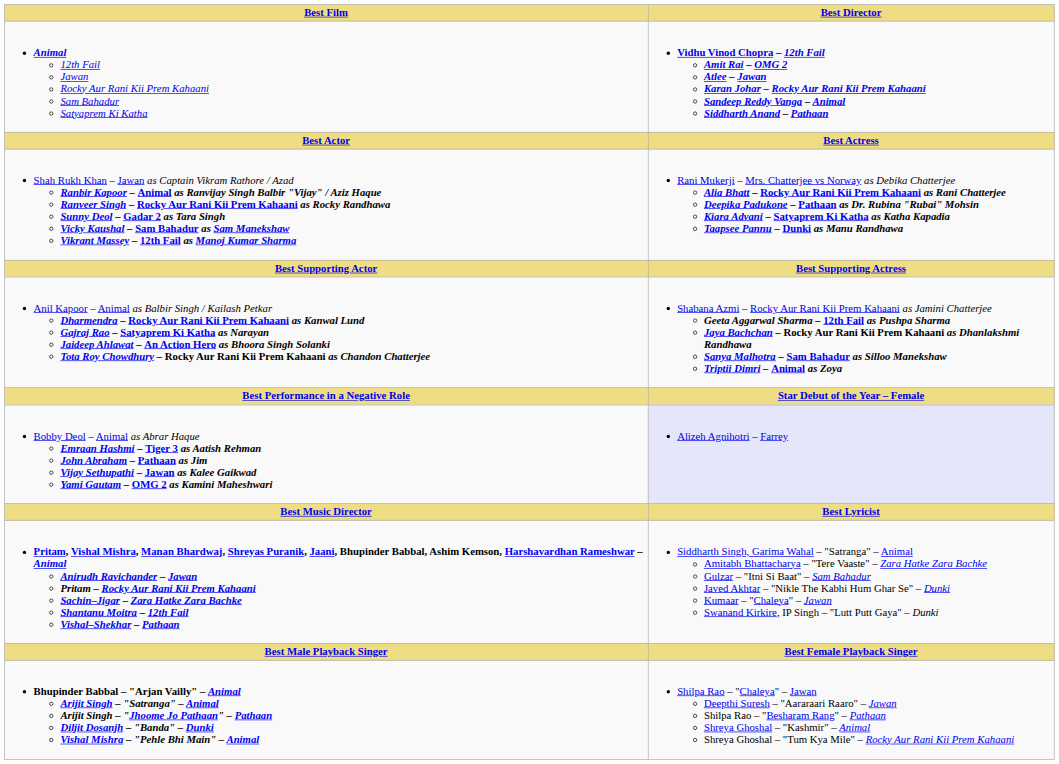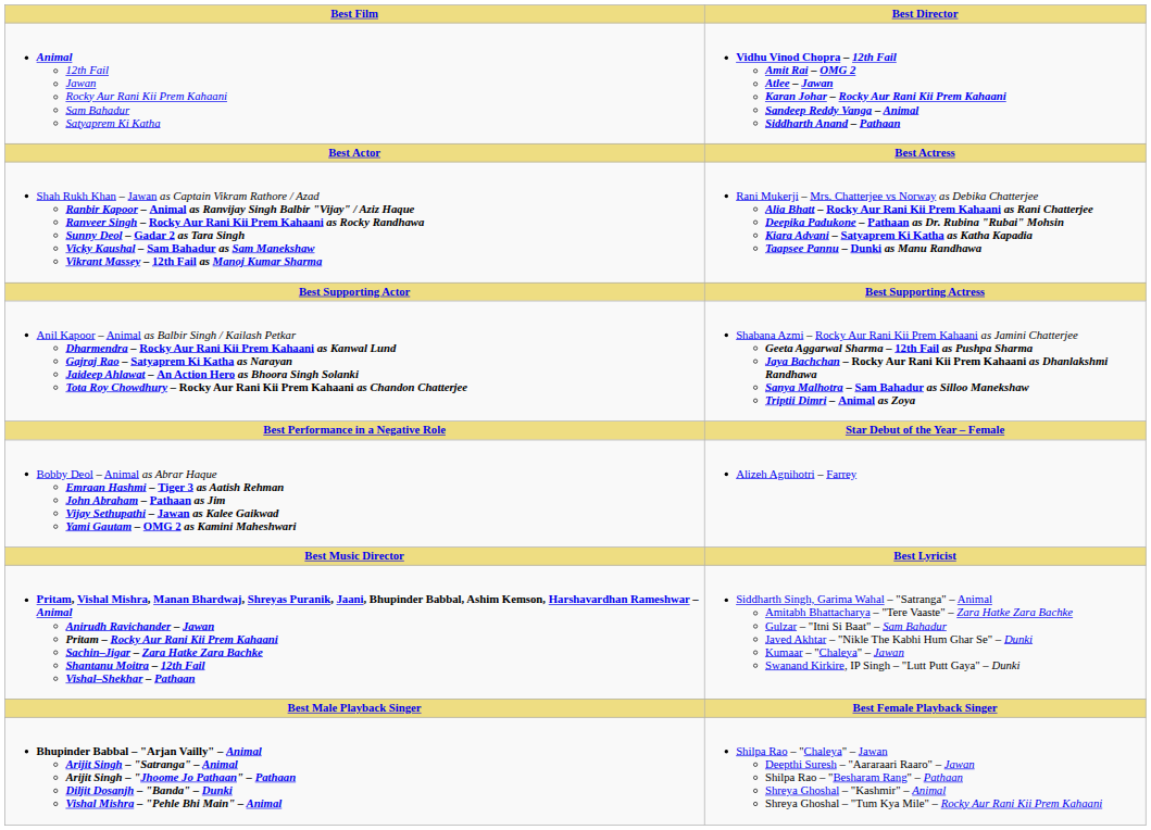 <table class="wikitable">
 <tr>
 <th ! style="background:#EEDD82;text-align:center;"><a href='#'>Best Film</a></th>
 <th ! style="background:#eedd82;text-align:center;"><a href='#'>Best Director</a></th>
 </tr>
 <tr>
 <td valign="top"><br><ul><li><strong><em><a href='#'>Animal</a></em></strong><ul><li><em><a href='#'>12th Fail</a></em></li><li><em><a href='#'>Jawan</a></em></li><li><em><a href='#'>Rocky Aur Rani Kii Prem Kahaani</a></em></li><li><em><a href='#'>Sam Bahadur</a></em></li><li><em><a href='#'>Satyaprem Ki Katha</a></em></li></ul></li></ul></td>
 <td valign="top"><br><ul><li><strong><a href='#'>Vidhu Vinod Chopra</a> – <em><a href='#'>12th Fail</a><strong><em><ul><li><a href='#'>Amit Rai</a> – </em><a href='#'>OMG 2</a><em></li><li><a href='#'>Atlee</a> – </em><a href='#'>Jawan</a><em></li><li><a href='#'>Karan Johar</a> – </em><a href='#'>Rocky Aur Rani Kii Prem Kahaani</a><em></li><li><a href='#'>Sandeep Reddy Vanga</a> – </em><a href='#'>Animal</a><em></li><li><a href='#'>Siddharth Anand</a> – </em><a href='#'>Pathaan</a><em></li></ul></li></ul></td>
 </tr>
 <tr>
 <th ! style="background:#EEDD82;text-align:center;"><a href='#'>Best Actor</a></th>
 <th ! style="background:#eedd82;text-align:center;"><a href='#'>Best Actress</a></th>
 </tr>
 <tr>
 <td valign="top"><br><ul><li></strong><a href='#'>Shah Rukh Khan</a> – </em><a href='#'>Jawan</a><em> as Captain Vikram Rathore / Azad<strong><ul><li><a href='#'>Ranbir Kapoor</a> – </em><a href='#'>Animal</a><em> as Ranvijay Singh Balbir "Vijay" / Aziz Haque</li><li><a href='#'>Ranveer Singh</a> – </em><a href='#'>Rocky Aur Rani Kii Prem Kahaani</a><em> as Rocky Randhawa</li><li><a href='#'>Sunny Deol</a> – </em><a href='#'>Gadar 2</a><em> as Tara Singh</li><li><a href='#'>Vicky Kaushal</a> – </em><a href='#'>Sam Bahadur</a><em> as <a href='#'>Sam Manekshaw</a></li><li><a href='#'>Vikrant Massey</a> – </em><a href='#'>12th Fail</a><em> as <a href='#'>Manoj Kumar Sharma</a></li></ul></li></ul></td>
 <td valign="top"><br><ul><li></strong><a href='#'>Rani Mukerji</a> – </em><a href='#'>Mrs. Chatterjee vs Norway</a><em> as Debika Chatterjee<strong><ul><li><a href='#'>Alia Bhatt</a> – </em><a href='#'>Rocky Aur Rani Kii Prem Kahaani</a><em> as Rani Chatterjee</li><li><a href='#'>Deepika Padukone</a> – </em><a href='#'>Pathaan</a><em> as Dr. Rubina "Rubai" Mohsin</li><li><a href='#'>Kiara Advani</a> – </em><a href='#'>Satyaprem Ki Katha</a><em> as Katha Kapadia</li><li><a href='#'>Taapsee Pannu</a> – </em><a href='#'>Dunki</a><em> as Manu Randhawa</li></ul></li></ul></td>
 </tr>
 <tr>
 <th ! style="background:#EEDD82;text-align:center;"><a href='#'>Best Supporting Actor</a></th>
 <th ! style="background:#eedd82;text-align:center;"><a href='#'>Best Supporting Actress</a></th>
 </tr>
 <tr>
 <td valign="top"><br><ul><li></strong><a href='#'>Anil Kapoor</a> – </em><a href='#'>Animal</a><em> as Balbir Singh / Kailash Petkar<strong><ul><li><a href='#'>Dharmendra</a> – </em><a href='#'>Rocky Aur Rani Kii Prem Kahaani</a><em> as Kanwal Lund</li><li><a href='#'>Gajraj Rao</a> – </em><a href='#'>Satyaprem Ki Katha</a><em> as Narayan</li><li><a href='#'>Jaideep Ahlawat</a> – </em><a href='#'>An Action Hero</a><em> as Bhoora Singh Solanki</li><li><a href='#'>Tota Roy Chowdhury</a> – </em>Rocky Aur Rani Kii Prem Kahaani<em> as Chandon Chatterjee</li></ul></li></ul></td>
 <td valign="top"><br><ul><li></strong><a href='#'>Shabana Azmi</a> – </em><a href='#'>Rocky Aur Rani Kii Prem Kahaani</a><em> as Jamini Chatterjee<strong><ul><li>Geeta Aggarwal Sharma – </em><a href='#'>12th Fail</a><em> as Pushpa Sharma</li><li><a href='#'>Jaya Bachchan</a> – </em>Rocky Aur Rani Kii Prem Kahaani<em> as Dhanlakshmi Randhawa</li><li><a href='#'>Sanya Malhotra</a> – </em><a href='#'>Sam Bahadur</a><em> as Silloo Manekshaw</li><li><a href='#'>Triptii Dimri</a> – </em><a href='#'>Animal</a><em> as Zoya</li></ul></li></ul></td>
 </tr>
 <tr>
 <th ! style="background:#eedd82; text-align:center;"><a href='#'>Best Performance in a Negative Role</a></th>
 <th ! style="background:#eedd82; text-align:center;"><a href='#'>Star Debut of the Year – Female</a></th>
 </tr>
 <tr>
 <td valign="top"><br><ul><li></strong><a href='#'>Bobby Deol</a> – </em><a href='#'>Animal</a><em> as Abrar Haque<strong><ul><li><a href='#'>Emraan Hashmi</a> – </em><a href='#'>Tiger 3</a><em> as Aatish Rehman</li><li><a href='#'>John Abraham</a> – <a href='#'></em>Pathaan<em></a> as Jim</li><li><a href='#'>Vijay Sethupathi</a> – </em><a href='#'>Jawan</a><em> as Kalee Gaikwad</li><li><a href='#'>Yami Gautam</a> – </em><a href='#'>OMG 2</a><em> as Kamini Maheshwari</li></ul></li></ul></td>
-<td valign="top" style="background: lavender;"><br><ul><li></strong><a href='#'>Alizeh Agnihotri</a> – </em><a href='#'>Farrey</a></em></strong></li></ul></td>
+<td valign="top"><br><ul><li></strong><a href='#'>Alizeh Agnihotri</a> – </em><a href='#'>Farrey</a></em></strong></li></ul></td>
 </tr>
 <tr>
 <th style="background:#eedd82; text-align:center;" !><a href='#'>Best Music Director</a></th>
 <th style="background:#eedd82; text-align:center;" !><a href='#'>Best Lyricist</a></th>
 </tr>
 <tr>
 <td valign="top"><br><ul><li><strong><a href='#'>Pritam</a>, <a href='#'>Vishal Mishra</a>, <a href='#'>Manan Bhardwaj</a>, <a href='#'>Shreyas Puranik</a>, <a href='#'>Jaani</a>, Bhupinder Babbal, Ashim Kemson, <a href='#'>Harshavardhan Rameshwar</a> – <em><a href='#'>Animal</a><strong><em><ul><li><a href='#'>Anirudh Ravichander</a> – </em><a href='#'>Jawan</a><em></li><li>Pritam – </em><a href='#'>Rocky Aur Rani Kii Prem Kahaani</a><em></li><li><a href='#'>Sachin–Jigar</a> – </em><a href='#'>Zara Hatke Zara Bachke</a><em></li><li><a href='#'>Shantanu Moitra</a> – </em><a href='#'>12th Fail</a><em></li><li><a href='#'>Vishal–Shekhar</a> – </em><a href='#'>Pathaan</a><em></li></ul></li></ul></td>
 <td valign="top"><br><ul><li></strong><a href='#'>Siddharth Singh, Garima Wahal</a> – "Satranga" – </em><a href='#'>Animal</a></em></strong><ul><li><a href='#'>Amitabh Bhattacharya</a> – "Tere Vaaste" – <em><a href='#'>Zara Hatke Zara Bachke</a></em></li><li><a href='#'>Gulzar</a> – "Itni Si Baat" – <em><a href='#'>Sam Bahadur</a></em></li><li><a href='#'>Javed Akhtar</a> – "Nikle The Kabhi Hum Ghar Se" – <em><a href='#'>Dunki</a></em></li><li><a href='#'>Kumaar</a> – "<a href='#'>Chaleya</a>" – <em><a href='#'>Jawan</a></em></li><li><a href='#'>Swanand Kirkire</a>, IP Singh – "Lutt Putt Gaya" – <em>Dunki</em></li></ul></li></ul></td>
 </tr>
 <tr>
 <th ! style="background:#eedd82; text-align:center;"><a href='#'>Best Male Playback Singer</a></th>
 <th ! style="background:#eedd82; text-align:center;"><a href='#'>Best Female Playback Singer</a></th>
 </tr>
 <tr>
 <td valign="top"><br><ul><li><strong>Bhupinder Babbal – "Arjan Vailly" – <em><a href='#'>Animal</a><strong><em><ul><li><a href='#'>Arijit Singh</a> – "Satranga" – </em><a href='#'>Animal</a><em></li><li>Arijit Singh – "<a href='#'>Jhoome Jo Pathaan</a>" – </em><a href='#'>Pathaan</a><em></li><li><a href='#'>Diljit Dosanjh</a> – "Banda" – </em><a href='#'>Dunki</a><em></li><li><a href='#'>Vishal Mishra</a> – "Pehle Bhi Main" – </em><a href='#'>Animal</a><em></li></ul></li></ul></td>
 <td valign="top"><br><ul><li></strong><a href='#'>Shilpa Rao</a> – "<a href='#'>Chaleya</a>" – </em><a href='#'>Jawan</a></em></strong><ul><li><a href='#'>Deepthi Suresh</a> – "Aararaari Raaro" – <em><a href='#'>Jawan</a></em></li><li>Shilpa Rao – "<a href='#'>Besharam Rang</a>" – <em><a href='#'>Pathaan</a></em></li><li><a href='#'>Shreya Ghoshal</a> – "Kashmir" – <em><a href='#'>Animal</a></em></li><li>Shreya Ghoshal – "Tum Kya Mile" – <em><a href='#'>Rocky Aur Rani Kii Prem Kahaani</a></em></li></ul></li></ul></td>
 </tr>
 </table>
